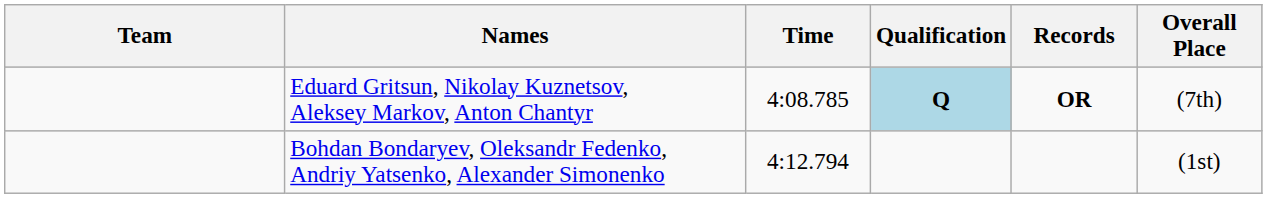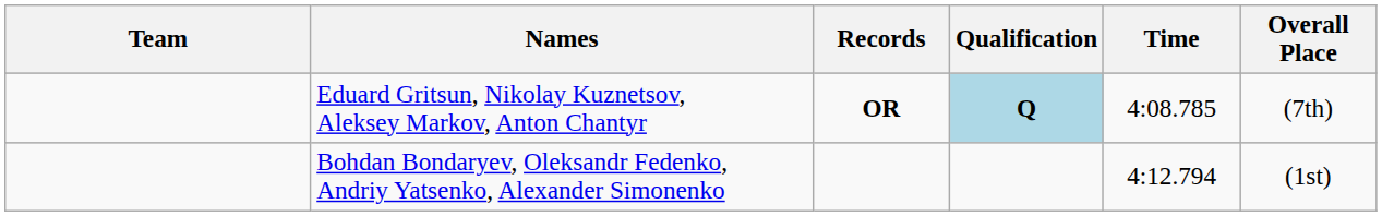 <table class="wikitable" style="text-align:center;">
 <tr>
 <th style="width:12em;">Team</th>
 <th style="width:20em;">Names</th>
+<th style="width:5em;">Records</th>
+<th style="width:5em;">Qualification</th>
 <th style="width:5em;">Time</th>
-<th style="width:5em;">Qualification</th>
-<th style="width:5em;">Records</th>
 <th style="width:5em;">Overall Place</th>
 </tr>
 <tr>
 <td align=left></td>
 <td align=left><a href='#'>Eduard Gritsun</a>, <a href='#'>Nikolay Kuznetsov</a>, <br> <a href='#'>Aleksey Markov</a>, <a href='#'>Anton Chantyr</a></td>
+<td><strong>OR</strong></td>
+<td style="background: lightblue;"><strong>Q</strong></td>
 <td>4:08.785</td>
-<td style="background: lightblue;"><strong>Q</strong></td>
-<td><strong>OR</strong></td>
 <td>(7th)</td>
 </tr>
 <tr>
 <td align=left></td>
 <td align=left><a href='#'>Bohdan Bondaryev</a>, <a href='#'>Oleksandr Fedenko</a>, <br> <a href='#'>Andriy Yatsenko</a>, <a href='#'>Alexander Simonenko</a></td>
-<td>4:12.794</td>
 <td></td>
 <td></td>
+<td>4:12.794</td>
 <td>(1st)</td>
 </tr>
 </table>
